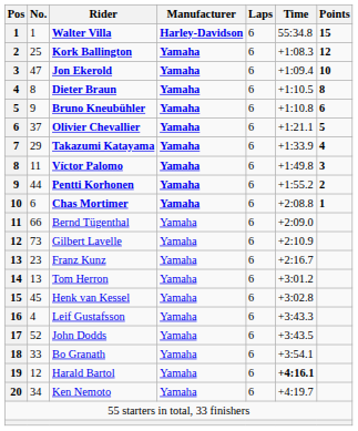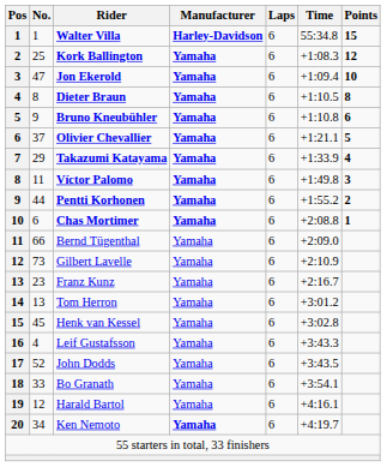 <table class="wikitable" style="font-size: 95%;">
 <tr>
 <th>Pos</th>
 <th>No.</th>
 <th>Rider</th>
 <th>Manufacturer</th>
 <th>Laps</th>
 <th>Time</th>
 <th>Points</th>
 </tr>
 <tr>
 <th>1</th>
 <td>1</td>
 <td> <strong><a href='#'>Walter Villa</a></strong></td>
 <td><strong><a href='#'>Harley-Davidson</a></strong></td>
 <td>6</td>
 <td>55:34.8</td>
 <td><strong>15</strong></td>
 </tr>
 <tr>
 <th>2</th>
 <td>25</td>
 <td> <strong><a href='#'>Kork Ballington</a></strong></td>
 <td><strong><a href='#'>Yamaha</a></strong></td>
 <td>6</td>
 <td>+1:08.3</td>
 <td><strong>12</strong></td>
 </tr>
 <tr>
 <th>3</th>
 <td>47</td>
 <td> <strong><a href='#'>Jon Ekerold</a></strong></td>
 <td><strong><a href='#'>Yamaha</a></strong></td>
 <td>6</td>
 <td>+1:09.4</td>
 <td><strong>10</strong></td>
 </tr>
 <tr>
 <th>4</th>
 <td>8</td>
 <td> <strong><a href='#'>Dieter Braun</a></strong></td>
 <td><strong><a href='#'>Yamaha</a></strong></td>
 <td>6</td>
 <td>+1:10.5</td>
 <td><strong>8</strong></td>
 </tr>
 <tr>
 <th>5</th>
 <td>9</td>
 <td> <strong><a href='#'>Bruno Kneubühler</a></strong></td>
 <td><strong><a href='#'>Yamaha</a></strong></td>
 <td>6</td>
 <td>+1:10.8</td>
 <td><strong>6</strong></td>
 </tr>
 <tr>
 <th>6</th>
 <td>37</td>
 <td> <strong><a href='#'>Olivier Chevallier</a></strong></td>
 <td><strong><a href='#'>Yamaha</a></strong></td>
 <td>6</td>
 <td>+1:21.1</td>
 <td><strong>5</strong></td>
 </tr>
 <tr>
 <th>7</th>
 <td>29</td>
 <td> <strong><a href='#'>Takazumi Katayama</a></strong></td>
 <td><strong><a href='#'>Yamaha</a></strong></td>
 <td>6</td>
 <td>+1:33.9</td>
 <td><strong>4</strong></td>
 </tr>
 <tr>
 <th>8</th>
 <td>11</td>
 <td> <strong><a href='#'>Víctor Palomo</a></strong></td>
 <td><strong><a href='#'>Yamaha</a></strong></td>
 <td>6</td>
 <td>+1:49.8</td>
 <td><strong>3</strong></td>
 </tr>
 <tr>
 <th>9</th>
 <td>44</td>
 <td> <strong><a href='#'>Pentti Korhonen</a></strong></td>
 <td><strong><a href='#'>Yamaha</a></strong></td>
 <td>6</td>
 <td>+1:55.2</td>
 <td><strong>2</strong></td>
 </tr>
 <tr>
 <th>10</th>
 <td>6</td>
 <td> <strong><a href='#'>Chas Mortimer</a></strong></td>
 <td><strong><a href='#'>Yamaha</a></strong></td>
 <td>6</td>
 <td>+2:08.8</td>
 <td><strong>1</strong></td>
 </tr>
 <tr>
 <th>11</th>
 <td>66</td>
 <td> <a href='#'>Bernd Tügenthal</a></td>
 <td><a href='#'>Yamaha</a></td>
 <td>6</td>
 <td>+2:09.0</td>
 <td></td>
 </tr>
 <tr>
 <th>12</th>
 <td>73</td>
 <td> <a href='#'>Gilbert Lavelle</a></td>
 <td><a href='#'>Yamaha</a></td>
 <td>6</td>
 <td>+2:10.9</td>
 <td></td>
 </tr>
 <tr>
 <th>13</th>
 <td>23</td>
 <td> <a href='#'>Franz Kunz</a></td>
 <td><a href='#'>Yamaha</a></td>
 <td>6</td>
 <td>+2:16.7</td>
 <td></td>
 </tr>
 <tr>
 <th>14</th>
 <td>13</td>
 <td> <a href='#'>Tom Herron</a></td>
 <td><a href='#'>Yamaha</a></td>
 <td>6</td>
 <td>+3:01.2</td>
 <td></td>
 </tr>
 <tr>
 <th>15</th>
 <td>45</td>
 <td> <a href='#'>Henk van Kessel</a></td>
 <td><a href='#'>Yamaha</a></td>
 <td>6</td>
 <td>+3:02.8</td>
 <td></td>
 </tr>
 <tr>
 <th>16</th>
 <td>4</td>
 <td> <a href='#'>Leif Gustafsson</a></td>
 <td><a href='#'>Yamaha</a></td>
 <td>6</td>
 <td>+3:43.3</td>
 <td></td>
 </tr>
 <tr>
 <th>17</th>
 <td>52</td>
 <td> <a href='#'>John Dodds</a></td>
 <td><a href='#'>Yamaha</a></td>
 <td>6</td>
 <td>+3:43.5</td>
 <td></td>
 </tr>
 <tr>
 <th>18</th>
 <td>33</td>
 <td> <a href='#'>Bo Granath</a></td>
 <td><a href='#'>Yamaha</a></td>
 <td>6</td>
 <td>+3:54.1</td>
 <td></td>
 </tr>
 <tr>
 <th>19</th>
 <td>12</td>
 <td> <a href='#'>Harald Bartol</a></td>
 <td><a href='#'>Yamaha</a></td>
 <td>6</td>
-<td><strong>+4:16.1</strong></td>
+<td>+4:16.1</td>
 <td></td>
 </tr>
 <tr>
 <th>20</th>
 <td>34</td>
 <td> <a href='#'>Ken Nemoto</a></td>
-<td><a href='#'>Yamaha</a></td>
+<td><strong><a href='#'>Yamaha</a></strong></td>
 <td>6</td>
 <td>+4:19.7</td>
 <td></td>
 </tr>
 <tr>
 <td colspan=7 align=center>55 starters in total, 33 finishers</td>
 </tr>
 <tr>
 <th colspan=7></th>
 </tr>
 </table>
